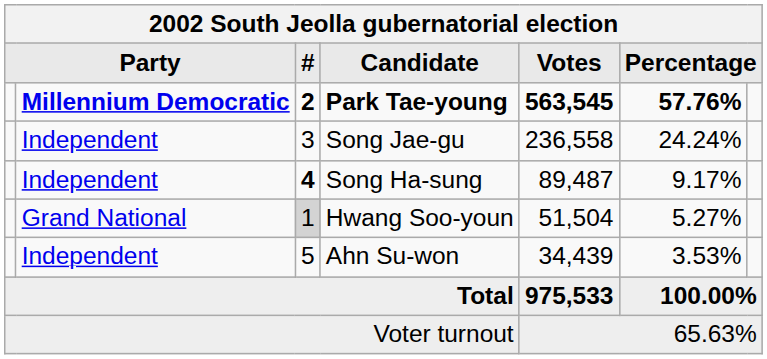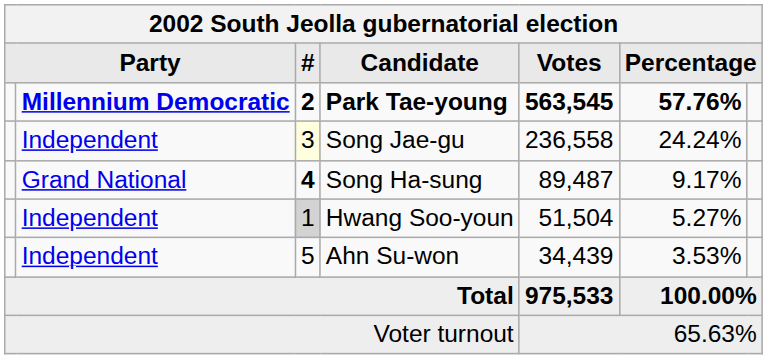 <table class="wikitable">
 <tr>
 <th colspan="7">2002 South Jeolla gubernatorial election</th>
 </tr>
 <tr>
 <th style="background-color:#E9E9E9" colspan=2>Party</th>
 <th style="background-color:#E9E9E9">#</th>
 <th style="background-color:#E9E9E9">Candidate</th>
 <th style="background-color:#E9E9E9">Votes</th>
 <th style="background-color:#E9E9E9" colspan=2>Percentage</th>
 </tr>
 <tr style="font-weight:bold">
 <td></td>
 <td align=left><a href='#'>Millennium Democratic</a></td>
 <td align=center>2</td>
 <td align=left>Park Tae-young</td>
 <td align=right>563,545</td>
 <td align=right>57.76%</td>
 <td align=right></td>
 </tr>
 <tr>
 <td></td>
 <td align=left><a href='#'>Independent</a></td>
-<td align=center>3</td>
+<td align=center style="background: lightyellow;">3</td>
 <td align=left>Song Jae-gu</td>
 <td align=right>236,558</td>
 <td align=right>24.24%</td>
 <td align=right></td>
 </tr>
 <tr>
 <td></td>
-<td align=left><a href='#'>Independent</a></td>
+<td align=left><a href='#'>Grand National</a></td>
 <td align=center><strong>4</strong></td>
 <td align=left>Song Ha-sung</td>
 <td align=right>89,487</td>
 <td align=right>9.17%</td>
 <td align=right></td>
 </tr>
 <tr>
 <td></td>
-<td align=left><a href='#'>Grand National</a></td>
+<td align=left><a href='#'>Independent</a></td>
 <td align=center style="background: lightgrey;">1</td>
 <td align=left>Hwang Soo-youn</td>
 <td align=right>51,504</td>
 <td align=right>5.27%</td>
 <td align=right></td>
 </tr>
 <tr>
 <td></td>
 <td align=left><a href='#'>Independent</a></td>
 <td align=center>5</td>
 <td align=left>Ahn Su-won</td>
 <td align=right>34,439</td>
 <td align=right>3.53%</td>
 <td align=right></td>
 </tr>
 <tr bgcolor="#EEEEEE" style="font-weight:bold">
 <td colspan="4" align=right>Total</td>
 <td align=right>975,533</td>
 <td align=right colspan=2>100.00%</td>
 </tr>
 <tr bgcolor="#EEEEEE">
 <td colspan="4" align="right">Voter turnout</td>
 <td colspan="3" align="right">65.63%</td>
 </tr>
 </table>
